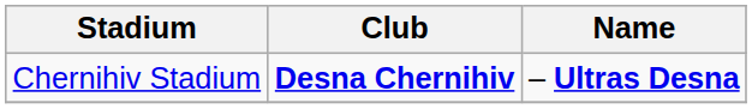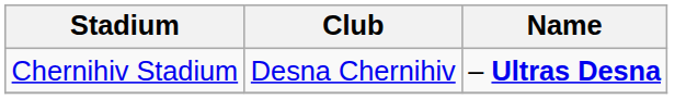 <table class="wikitable">
 <tr>
 <th>Stadium</th>
 <th>Club</th>
 <th>Name</th>
 </tr>
 <tr>
 <td style="text-align:left;"><a href='#'>Chernihiv Stadium</a></td>
-<td><strong><a href='#'>Desna Chernihiv</a></strong></td>
+<td><a href='#'>Desna Chernihiv</a></td>
 <td>– <strong><a href='#'>Ultras Desna</a></strong></td>
 </tr>
 <tr>
 </tr>
 </table>
